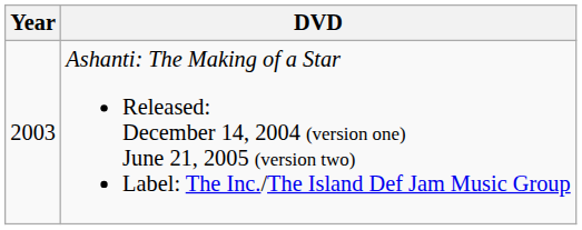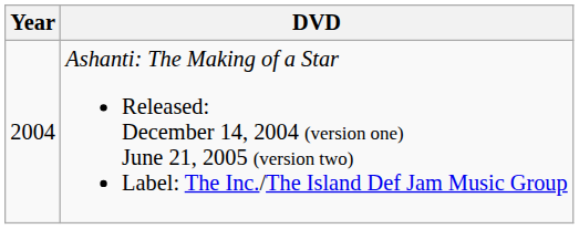 <table class="wikitable">
 <tr>
 <th>Year</th>
 <th>DVD</th>
 </tr>
 <tr>
-<td>2003</td>
+<td>2004</td>
 <td><em>Ashanti: The Making of a Star</em><br><ul><li>Released: <br>December 14, 2004 <small>(version one)</small><br>June 21, 2005 <small>(version two)</small></li><li>Label: <a href='#'>The Inc.</a>/<a href='#'>The Island Def Jam Music Group</a></li></ul></td>
 </tr>
 </table>
